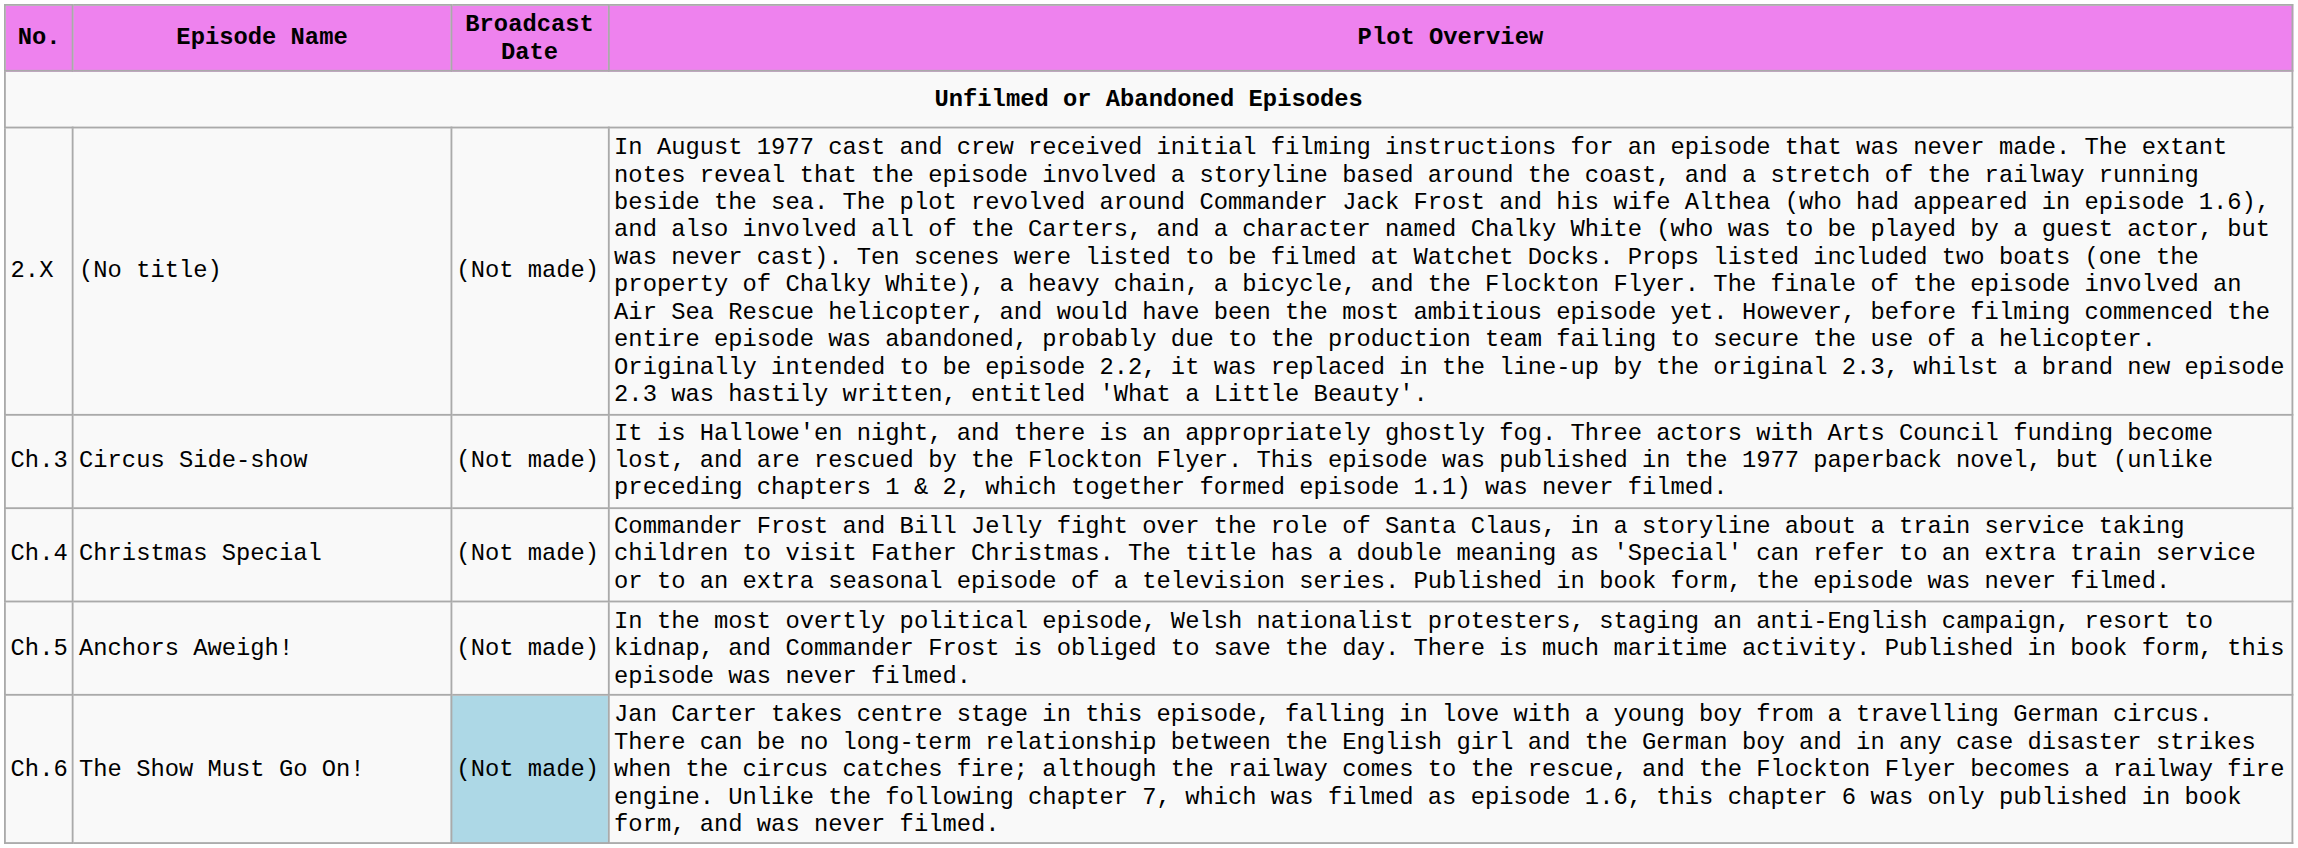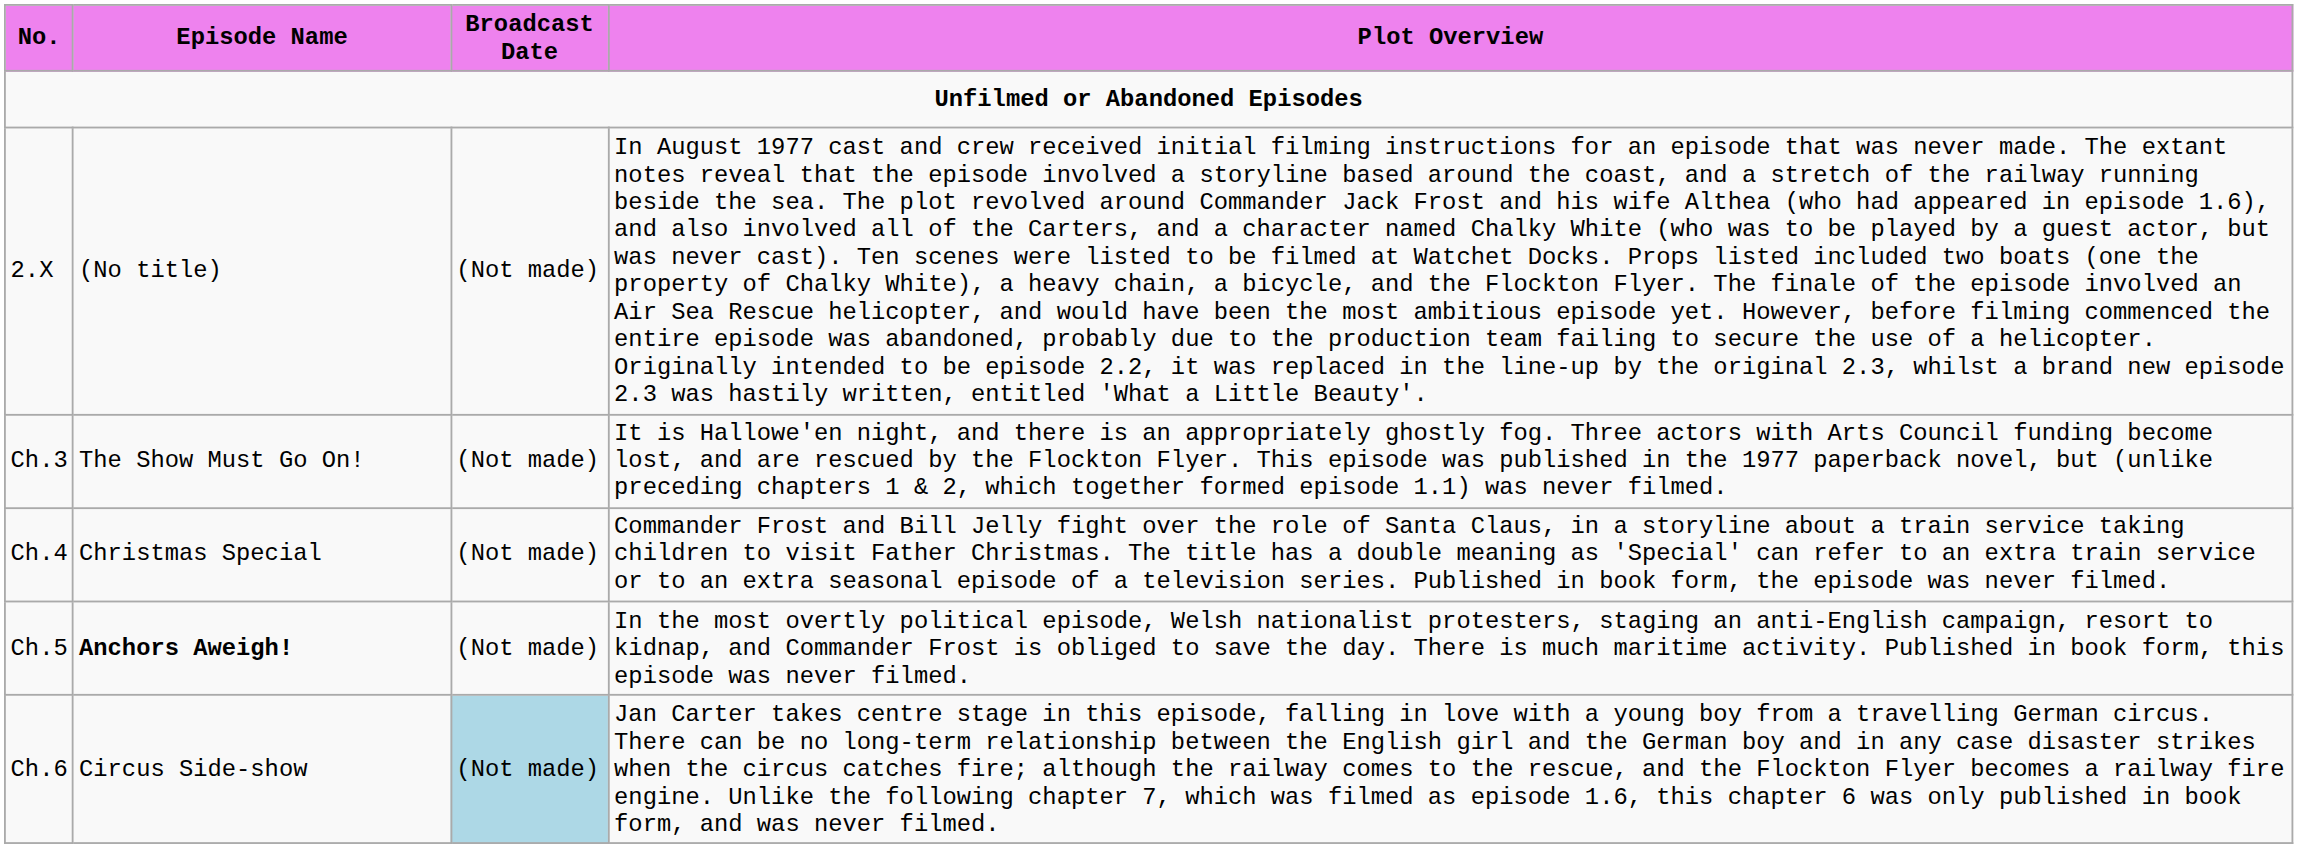 <table class="wikitable">
 <tr>
 <th style="background:violet; color:black" width="30">No.</th>
 <th style="background:violet; color:black" width="200">Episode Name</th>
 <th style="background:violet; color:black" width="80">Broadcast Date</th>
 <th style="background:violet; color:black">Plot Overview</th>
 </tr>
 <tr>
 <td colspan="4" align="center" height=25><strong>Unfilmed or Abandoned Episodes</strong></td>
 </tr>
 <tr>
 <td>2.X</td>
 <td>(No title)</td>
 <td>(Not made)</td>
 <td>In August 1977 cast and crew received initial filming instructions for an episode that was never made. The extant notes reveal that the episode involved a storyline based around the coast, and a stretch of the railway running beside the sea. The plot revolved around Commander Jack Frost and his wife Althea (who had appeared in episode 1.6), and also involved all of the Carters, and a character named Chalky White (who was to be played by a guest actor, but was never cast). Ten scenes were listed to be filmed at Watchet Docks. Props listed included two boats (one the property of Chalky White), a heavy chain, a bicycle, and the Flockton Flyer. The finale of the episode involved an Air Sea Rescue helicopter, and would have been the most ambitious episode yet. However, before filming commenced the entire episode was abandoned, probably due to the production team failing to secure the use of a helicopter. Originally intended to be episode 2.2, it was replaced in the line-up by the original 2.3, whilst a brand new episode 2.3 was hastily written, entitled 'What a Little Beauty'.</td>
 </tr>
 <tr>
 <td>Ch.3</td>
-<td>Circus Side-show</td>
+<td>The Show Must Go On!</td>
 <td>(Not made)</td>
 <td>It is Hallowe'en night, and there is an appropriately ghostly fog. Three actors with Arts Council funding become lost, and are rescued by the Flockton Flyer. This episode was published in the 1977 paperback novel, but (unlike preceding chapters 1 & 2, which together formed episode 1.1) was never filmed.</td>
 </tr>
 <tr>
 <td>Ch.4</td>
 <td>Christmas Special</td>
 <td>(Not made)</td>
 <td>Commander Frost and Bill Jelly fight over the role of Santa Claus, in a storyline about a train service taking children to visit Father Christmas. The title has a double meaning as 'Special' can refer to an extra train service or to an extra seasonal episode of a television series. Published in book form, the episode was never filmed.</td>
 </tr>
 <tr>
 <td>Ch.5</td>
-<td>Anchors Aweigh!</td>
+<td><strong>Anchors Aweigh!</strong></td>
 <td>(Not made)</td>
 <td>In the most overtly political episode, Welsh nationalist protesters, staging an anti-English campaign, resort to kidnap, and Commander Frost is obliged to save the day. There is much maritime activity. Published in book form, this episode was never filmed.</td>
 </tr>
 <tr>
 <td>Ch.6</td>
-<td>The Show Must Go On!</td>
+<td>Circus Side-show</td>
 <td style="background: lightblue;">(Not made)</td>
 <td>Jan Carter takes centre stage in this episode, falling in love with a young boy from a travelling German circus. There can be no long-term relationship between the English girl and the German boy and in any case disaster strikes when the circus catches fire; although the railway comes to the rescue, and the Flockton Flyer becomes a railway fire engine. Unlike the following chapter 7, which was filmed as episode 1.6, this chapter 6 was only published in book form, and was never filmed.</td>
 </tr>
 </table>
